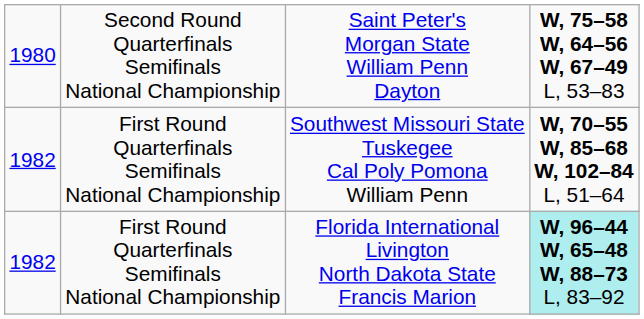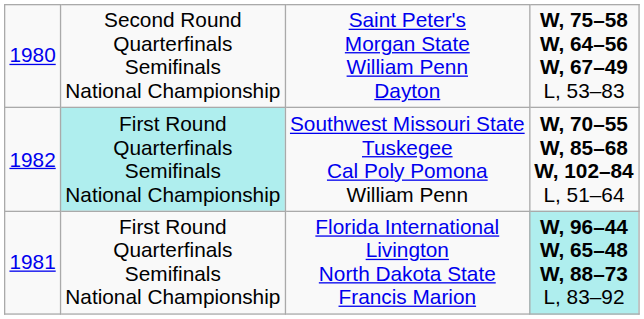 <table class="wikitable">
 <tr align="center">
 <td><a href='#'>1980</a></td>
 <td>Second Round<br>Quarterfinals<br>Semifinals<br>National Championship</td>
 <td><a href='#'>Saint Peter's</a><br><a href='#'>Morgan State</a><br><a href='#'>William Penn</a><br><a href='#'>Dayton</a></td>
 <td><strong>W, 75–58</strong><br><strong>W, 64–56</strong><br><strong>W, 67–49</strong><br>L, 53–83</td>
 </tr>
 <tr align="center">
 <td><a href='#'>1982</a></td>
-<td>First Round<br>Quarterfinals<br>Semifinals<br>National Championship</td>
+<td style="background: paleturquoise;">First Round<br>Quarterfinals<br>Semifinals<br>National Championship</td>
 <td><a href='#'>Southwest Missouri State</a><br><a href='#'>Tuskegee</a><br><a href='#'>Cal Poly Pomona</a><br>William Penn</td>
 <td><strong>W, 70–55</strong><br><strong>W, 85–68</strong><br><strong>W, 102–84</strong><br>L, 51–64</td>
 </tr>
 <tr align="center">
-<td><a href='#'>1982</a></td>
+<td><a href='#'>1981</a></td>
 <td>First Round<br>Quarterfinals<br>Semifinals<br>National Championship</td>
 <td><a href='#'>Florida International</a><br><a href='#'>Livington</a><br><a href='#'>North Dakota State</a><br><a href='#'>Francis Marion</a></td>
 <td style="background: paleturquoise;"><strong>W, 96–44</strong><br><strong>W, 65–48</strong><br><strong>W, 88–73</strong><br>L, 83–92</td>
 </tr>
 </table>
